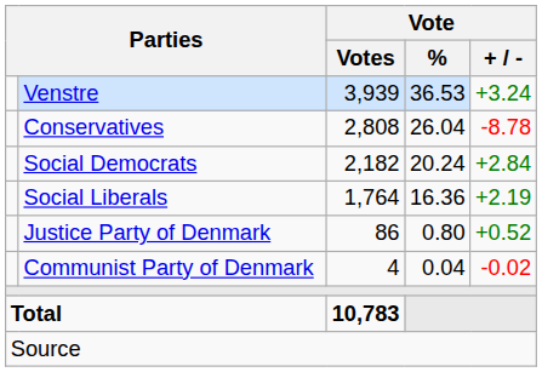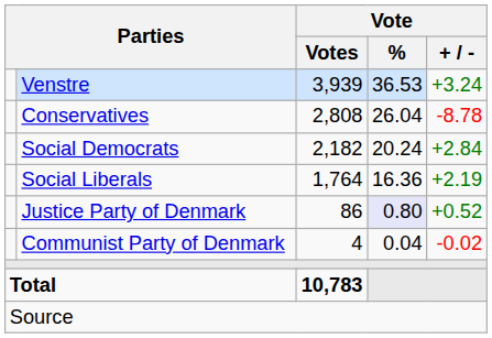 <table class="wikitable" style="text-align:right;">
 <tr>
 <th style="text-align:centre;" rowspan="2" colspan="2" width="225">Parties</th>
 <th colspan="3">Vote</th>
 </tr>
 <tr>
 <th width="15">Votes</th>
 <th width="15">%</th>
 <th width="15">+ / -</th>
 </tr>
 <tr>
 <td width="2" style="color:inherit;background:"></td>
 <td bgcolor=#cfe5fe  align="left"><a href='#'>Venstre</a></td>
 <td bgcolor=#cfe5fe>3,939</td>
 <td bgcolor=#cfe5fe>36.53</td>
 <td style=color:green;>+3.24</td>
 </tr>
 <tr>
 <td width="2" style="color:inherit;background:"></td>
 <td align="left"><a href='#'>Conservatives</a></td>
 <td>2,808</td>
 <td>26.04</td>
 <td style=color:red;>-8.78</td>
 </tr>
 <tr>
 <td width="2" style="color:inherit;background:"></td>
 <td align="left"><a href='#'>Social Democrats</a></td>
 <td>2,182</td>
 <td>20.24</td>
 <td style=color:green;>+2.84</td>
 </tr>
 <tr>
 <td width="2" style="color:inherit;background:"></td>
 <td align="left"><a href='#'>Social Liberals</a></td>
 <td>1,764</td>
 <td>16.36</td>
 <td style=color:green;>+2.19</td>
 </tr>
 <tr>
 <td width="2" style="color:inherit;background:"></td>
 <td align="left"><a href='#'>Justice Party of Denmark</a></td>
 <td>86</td>
-<td>0.80</td>
+<td style="background: lavender;">0.80</td>
 <td style=color:green;>+0.52</td>
 </tr>
 <tr>
 <td width="2" style="color:inherit;background:"></td>
 <td align="left"><a href='#'>Communist Party of Denmark</a></td>
 <td>4</td>
 <td>0.04</td>
 <td style=color:red;>-0.02</td>
 </tr>
 <tr>
 <td colspan="7" bgcolor="#E9E9E9"></td>
 </tr>
 <tr>
 <td align="left" colspan="2"><strong>Total</strong></td>
 <td><strong>10,783</strong></td>
 <td bgcolor="#E9E9E9" colspan="2"></td>
 </tr>
 <tr>
 <td align="left" colspan="6">Source</td>
 </tr>
 </table>
